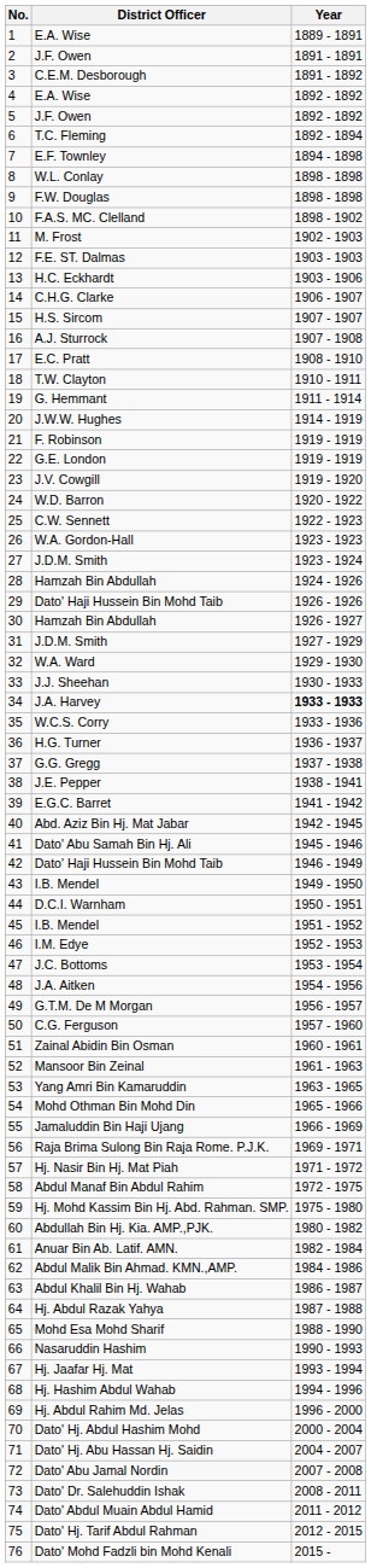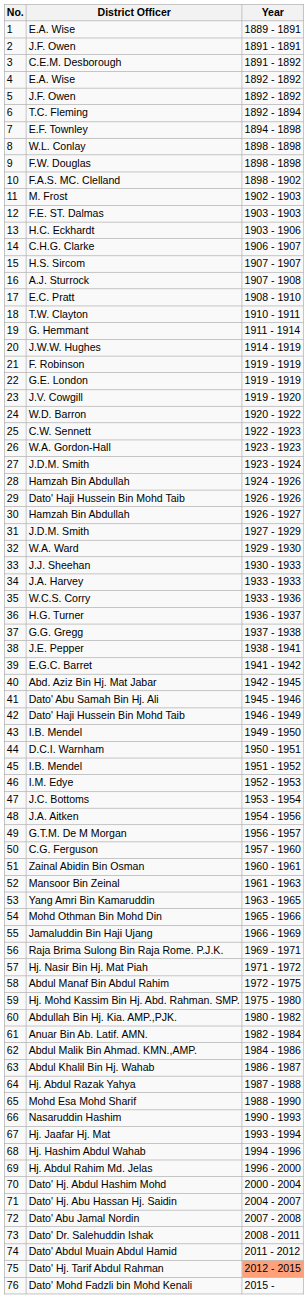 <table class="wikitable">
 <tr>
 <th>No.</th>
 <th>District Officer</th>
 <th>Year</th>
 </tr>
 <tr>
 <td>1</td>
 <td>E.A. Wise</td>
 <td>1889 - 1891</td>
 </tr>
 <tr>
 <td>2</td>
 <td>J.F. Owen</td>
 <td>1891 - 1891</td>
 </tr>
 <tr>
 <td>3</td>
 <td>C.E.M. Desborough</td>
 <td>1891 - 1892</td>
 </tr>
 <tr>
 <td>4</td>
 <td>E.A. Wise</td>
 <td>1892 - 1892</td>
 </tr>
 <tr>
 <td>5</td>
 <td>J.F. Owen</td>
 <td>1892 - 1892</td>
 </tr>
 <tr>
 <td>6</td>
 <td>T.C. Fleming</td>
 <td>1892 - 1894</td>
 </tr>
 <tr>
 <td>7</td>
 <td>E.F. Townley</td>
 <td>1894 - 1898</td>
 </tr>
 <tr>
 <td>8</td>
 <td>W.L. Conlay</td>
 <td>1898 - 1898</td>
 </tr>
 <tr>
 <td>9</td>
 <td>F.W. Douglas</td>
 <td>1898 - 1898</td>
 </tr>
 <tr>
 <td>10</td>
 <td>F.A.S. MC. Clelland</td>
 <td>1898 - 1902</td>
 </tr>
 <tr>
 <td>11</td>
 <td>M. Frost</td>
 <td>1902 - 1903</td>
 </tr>
 <tr>
 <td>12</td>
 <td>F.E. ST. Dalmas</td>
 <td>1903 - 1903</td>
 </tr>
 <tr>
 <td>13</td>
 <td>H.C. Eckhardt</td>
 <td>1903 - 1906</td>
 </tr>
 <tr>
 <td>14</td>
 <td>C.H.G. Clarke</td>
 <td>1906 - 1907</td>
 </tr>
 <tr>
 <td>15</td>
 <td>H.S. Sircom</td>
 <td>1907 - 1907</td>
 </tr>
 <tr>
 <td>16</td>
 <td>A.J. Sturrock</td>
 <td>1907 - 1908</td>
 </tr>
 <tr>
 <td>17</td>
 <td>E.C. Pratt</td>
 <td>1908 - 1910</td>
 </tr>
 <tr>
 <td>18</td>
 <td>T.W. Clayton</td>
 <td>1910 - 1911</td>
 </tr>
 <tr>
 <td>19</td>
 <td>G. Hemmant</td>
 <td>1911 - 1914</td>
 </tr>
 <tr>
 <td>20</td>
 <td>J.W.W. Hughes</td>
 <td>1914 - 1919</td>
 </tr>
 <tr>
 <td>21</td>
 <td>F. Robinson</td>
 <td>1919 - 1919</td>
 </tr>
 <tr>
 <td>22</td>
 <td>G.E. London</td>
 <td>1919 - 1919</td>
 </tr>
 <tr>
 <td>23</td>
 <td>J.V. Cowgill</td>
 <td>1919 - 1920</td>
 </tr>
 <tr>
 <td>24</td>
 <td>W.D. Barron</td>
 <td>1920 - 1922</td>
 </tr>
 <tr>
 <td>25</td>
 <td>C.W. Sennett</td>
 <td>1922 - 1923</td>
 </tr>
 <tr>
 <td>26</td>
 <td>W.A. Gordon-Hall</td>
 <td>1923 - 1923</td>
 </tr>
 <tr>
 <td>27</td>
 <td>J.D.M. Smith</td>
 <td>1923 - 1924</td>
 </tr>
 <tr>
 <td>28</td>
 <td>Hamzah Bin Abdullah</td>
 <td>1924 - 1926</td>
 </tr>
 <tr>
 <td>29</td>
 <td>Dato' Haji Hussein Bin Mohd Taib</td>
 <td>1926 - 1926</td>
 </tr>
 <tr>
 <td>30</td>
 <td>Hamzah Bin Abdullah</td>
 <td>1926 - 1927</td>
 </tr>
 <tr>
 <td>31</td>
 <td>J.D.M. Smith</td>
 <td>1927 - 1929</td>
 </tr>
 <tr>
 <td>32</td>
 <td>W.A. Ward</td>
 <td>1929 - 1930</td>
 </tr>
 <tr>
 <td>33</td>
 <td>J.J. Sheehan</td>
 <td>1930 - 1933</td>
 </tr>
 <tr>
 <td>34</td>
 <td>J.A. Harvey</td>
-<td><strong>1933 - 1933</strong></td>
+<td>1933 - 1933</td>
 </tr>
 <tr>
 <td>35</td>
 <td>W.C.S. Corry</td>
 <td>1933 - 1936</td>
 </tr>
 <tr>
 <td>36</td>
 <td>H.G. Turner</td>
 <td>1936 - 1937</td>
 </tr>
 <tr>
 <td>37</td>
 <td>G.G. Gregg</td>
 <td>1937 - 1938</td>
 </tr>
 <tr>
 <td>38</td>
 <td>J.E. Pepper</td>
 <td>1938 - 1941</td>
 </tr>
 <tr>
 <td>39</td>
 <td>E.G.C. Barret</td>
 <td>1941 - 1942</td>
 </tr>
 <tr>
 <td>40</td>
 <td>Abd. Aziz Bin Hj. Mat Jabar</td>
 <td>1942 - 1945</td>
 </tr>
 <tr>
 <td>41</td>
 <td>Dato' Abu Samah Bin Hj. Ali</td>
 <td>1945 - 1946</td>
 </tr>
 <tr>
 <td>42</td>
 <td>Dato' Haji Hussein Bin Mohd Taib</td>
 <td>1946 - 1949</td>
 </tr>
 <tr>
 <td>43</td>
 <td>I.B. Mendel</td>
 <td>1949 - 1950</td>
 </tr>
 <tr>
 <td>44</td>
 <td>D.C.I. Warnham</td>
 <td>1950 - 1951</td>
 </tr>
 <tr>
 <td>45</td>
 <td>I.B. Mendel</td>
 <td>1951 - 1952</td>
 </tr>
 <tr>
 <td>46</td>
 <td>I.M. Edye</td>
 <td>1952 - 1953</td>
 </tr>
 <tr>
 <td>47</td>
 <td>J.C. Bottoms</td>
 <td>1953 - 1954</td>
 </tr>
 <tr>
 <td>48</td>
 <td>J.A. Aitken</td>
 <td>1954 - 1956</td>
 </tr>
 <tr>
 <td>49</td>
 <td>G.T.M. De M Morgan</td>
 <td>1956 - 1957</td>
 </tr>
 <tr>
 <td>50</td>
 <td>C.G. Ferguson</td>
 <td>1957 - 1960</td>
 </tr>
 <tr>
 <td>51</td>
 <td>Zainal Abidin Bin Osman</td>
 <td>1960 - 1961</td>
 </tr>
 <tr>
 <td>52</td>
 <td>Mansoor Bin Zeinal</td>
 <td>1961 - 1963</td>
 </tr>
 <tr>
 <td>53</td>
 <td>Yang Amri Bin Kamaruddin</td>
 <td>1963 - 1965</td>
 </tr>
 <tr>
 <td>54</td>
 <td>Mohd Othman Bin Mohd Din</td>
 <td>1965 - 1966</td>
 </tr>
 <tr>
 <td>55</td>
 <td>Jamaluddin Bin Haji Ujang</td>
 <td>1966 - 1969</td>
 </tr>
 <tr>
 <td>56</td>
 <td>Raja Brima Sulong Bin Raja Rome. P.J.K.</td>
 <td>1969 - 1971</td>
 </tr>
 <tr>
 <td>57</td>
 <td>Hj. Nasir Bin Hj. Mat Piah</td>
 <td>1971 - 1972</td>
 </tr>
 <tr>
 <td>58</td>
 <td>Abdul Manaf Bin Abdul Rahim</td>
 <td>1972 - 1975</td>
 </tr>
 <tr>
 <td>59</td>
 <td>Hj. Mohd Kassim Bin Hj. Abd. Rahman. SMP.</td>
 <td>1975 - 1980</td>
 </tr>
 <tr>
 <td>60</td>
 <td>Abdullah Bin Hj. Kia. AMP.,PJK.</td>
 <td>1980 - 1982</td>
 </tr>
 <tr>
 <td>61</td>
 <td>Anuar Bin Ab. Latif. AMN.</td>
 <td>1982 - 1984</td>
 </tr>
 <tr>
 <td>62</td>
 <td>Abdul Malik Bin Ahmad. KMN.,AMP.</td>
 <td>1984 - 1986</td>
 </tr>
 <tr>
 <td>63</td>
 <td>Abdul Khalil Bin Hj. Wahab</td>
 <td>1986 - 1987</td>
 </tr>
 <tr>
 <td>64</td>
 <td>Hj. Abdul Razak Yahya</td>
 <td>1987 - 1988</td>
 </tr>
 <tr>
 <td>65</td>
 <td>Mohd Esa Mohd Sharif</td>
 <td>1988 - 1990</td>
 </tr>
 <tr>
 <td>66</td>
 <td>Nasaruddin Hashim</td>
 <td>1990 - 1993</td>
 </tr>
 <tr>
 <td>67</td>
 <td>Hj. Jaafar Hj. Mat</td>
 <td>1993 - 1994</td>
 </tr>
 <tr>
 <td>68</td>
 <td>Hj. Hashim Abdul Wahab</td>
 <td>1994 - 1996</td>
 </tr>
 <tr>
 <td>69</td>
 <td>Hj. Abdul Rahim Md. Jelas</td>
 <td>1996 - 2000</td>
 </tr>
 <tr>
 <td>70</td>
 <td>Dato' Hj. Abdul Hashim Mohd</td>
 <td>2000 - 2004</td>
 </tr>
 <tr>
 <td>71</td>
 <td>Dato' Hj. Abu Hassan Hj. Saidin</td>
 <td>2004 - 2007</td>
 </tr>
 <tr>
 <td>72</td>
 <td>Dato' Abu Jamal Nordin</td>
 <td>2007 - 2008</td>
 </tr>
 <tr>
 <td>73</td>
 <td>Dato' Dr. Salehuddin Ishak</td>
 <td>2008 - 2011</td>
 </tr>
 <tr>
 <td>74</td>
 <td>Dato' Abdul Muain Abdul Hamid</td>
 <td>2011 - 2012</td>
 </tr>
 <tr>
 <td>75</td>
 <td>Dato' Hj. Tarif Abdul Rahman</td>
-<td>2012 - 2015</td>
+<td style="background: lightsalmon;">2012 - 2015</td>
 </tr>
 <tr>
 <td>76</td>
 <td>Dato' Mohd Fadzli bin Mohd Kenali</td>
 <td>2015 - </td>
 </tr>
 </table>
